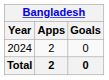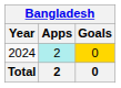 <table class="wikitable" style="text-align:center">
 <tr>
 <th colspan=11><a href='#'>Bangladesh</a></th>
 </tr>
 <tr>
 <th>Year</th>
 <th>Apps</th>
 <th>Goals</th>
 </tr>
 <tr>
 <td>2024</td>
-<td>2</td>
-<td>0</td>
+<td style="background: paleturquoise;">2</td>
+<td style="background: gold;">0</td>
 </tr>
 <tr>
 <th>Total</th>
 <th>2</th>
 <th>0</th>
 </tr>
 </table>
